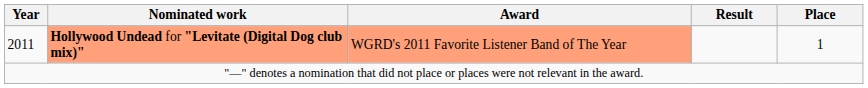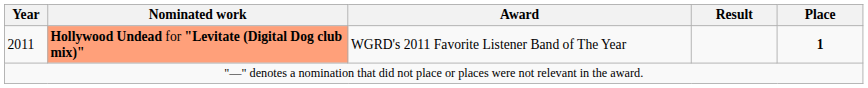 <table class="wikitable" style="width:80%;">
 <tr>
 <th style="width:5%;">Year</th>
 <th style="width:35%;">Nominated work</th>
 <th style="width:40%;">Award</th>
 <th style="width:10%;">Result</th>
 <th style="width:10%;">Place</th>
 </tr>
 <tr>
 <td>2011</td>
 <td style="background: lightsalmon;"><strong>Hollywood Undead</strong> for <strong>"Levitate (Digital Dog club mix)"</strong></td>
-<td style="background: lightsalmon;">WGRD's 2011 Favorite Listener Band of The Year</td>
+<td>WGRD's 2011 Favorite Listener Band of The Year</td>
 <td></td>
-<td align="center">1</td>
+<td align="center"><strong>1</strong></td>
 </tr>
 <tr>
 <td colspan="14" style="font-size:90%" align="center">"—" denotes a nomination that did not place or places were not relevant in the award.</td>
 </tr>
 </table>
